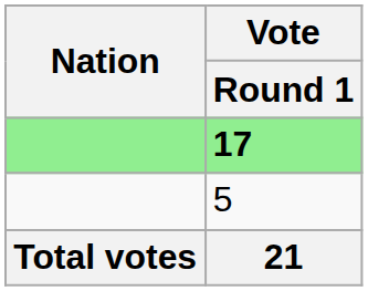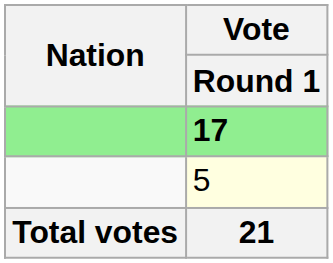 <table class="wikitable"; text-align:center">
 <tr>
 <th rowspan="2">Nation</th>
 <th colspan="2">Vote</th>
 </tr>
 <tr>
 <th>Round 1</th>
 </tr>
 <tr style="background:#90ee90">
 <td align=left><strong></strong></td>
 <td><strong>17</strong></td>
 </tr>
 <tr>
 <td align=left></td>
-<td>5</td>
+<td style="background: lightyellow;">5</td>
 </tr>
 <tr>
 <th align=left>Total votes</th>
 <th>21</th>
 </tr>
 </table>
